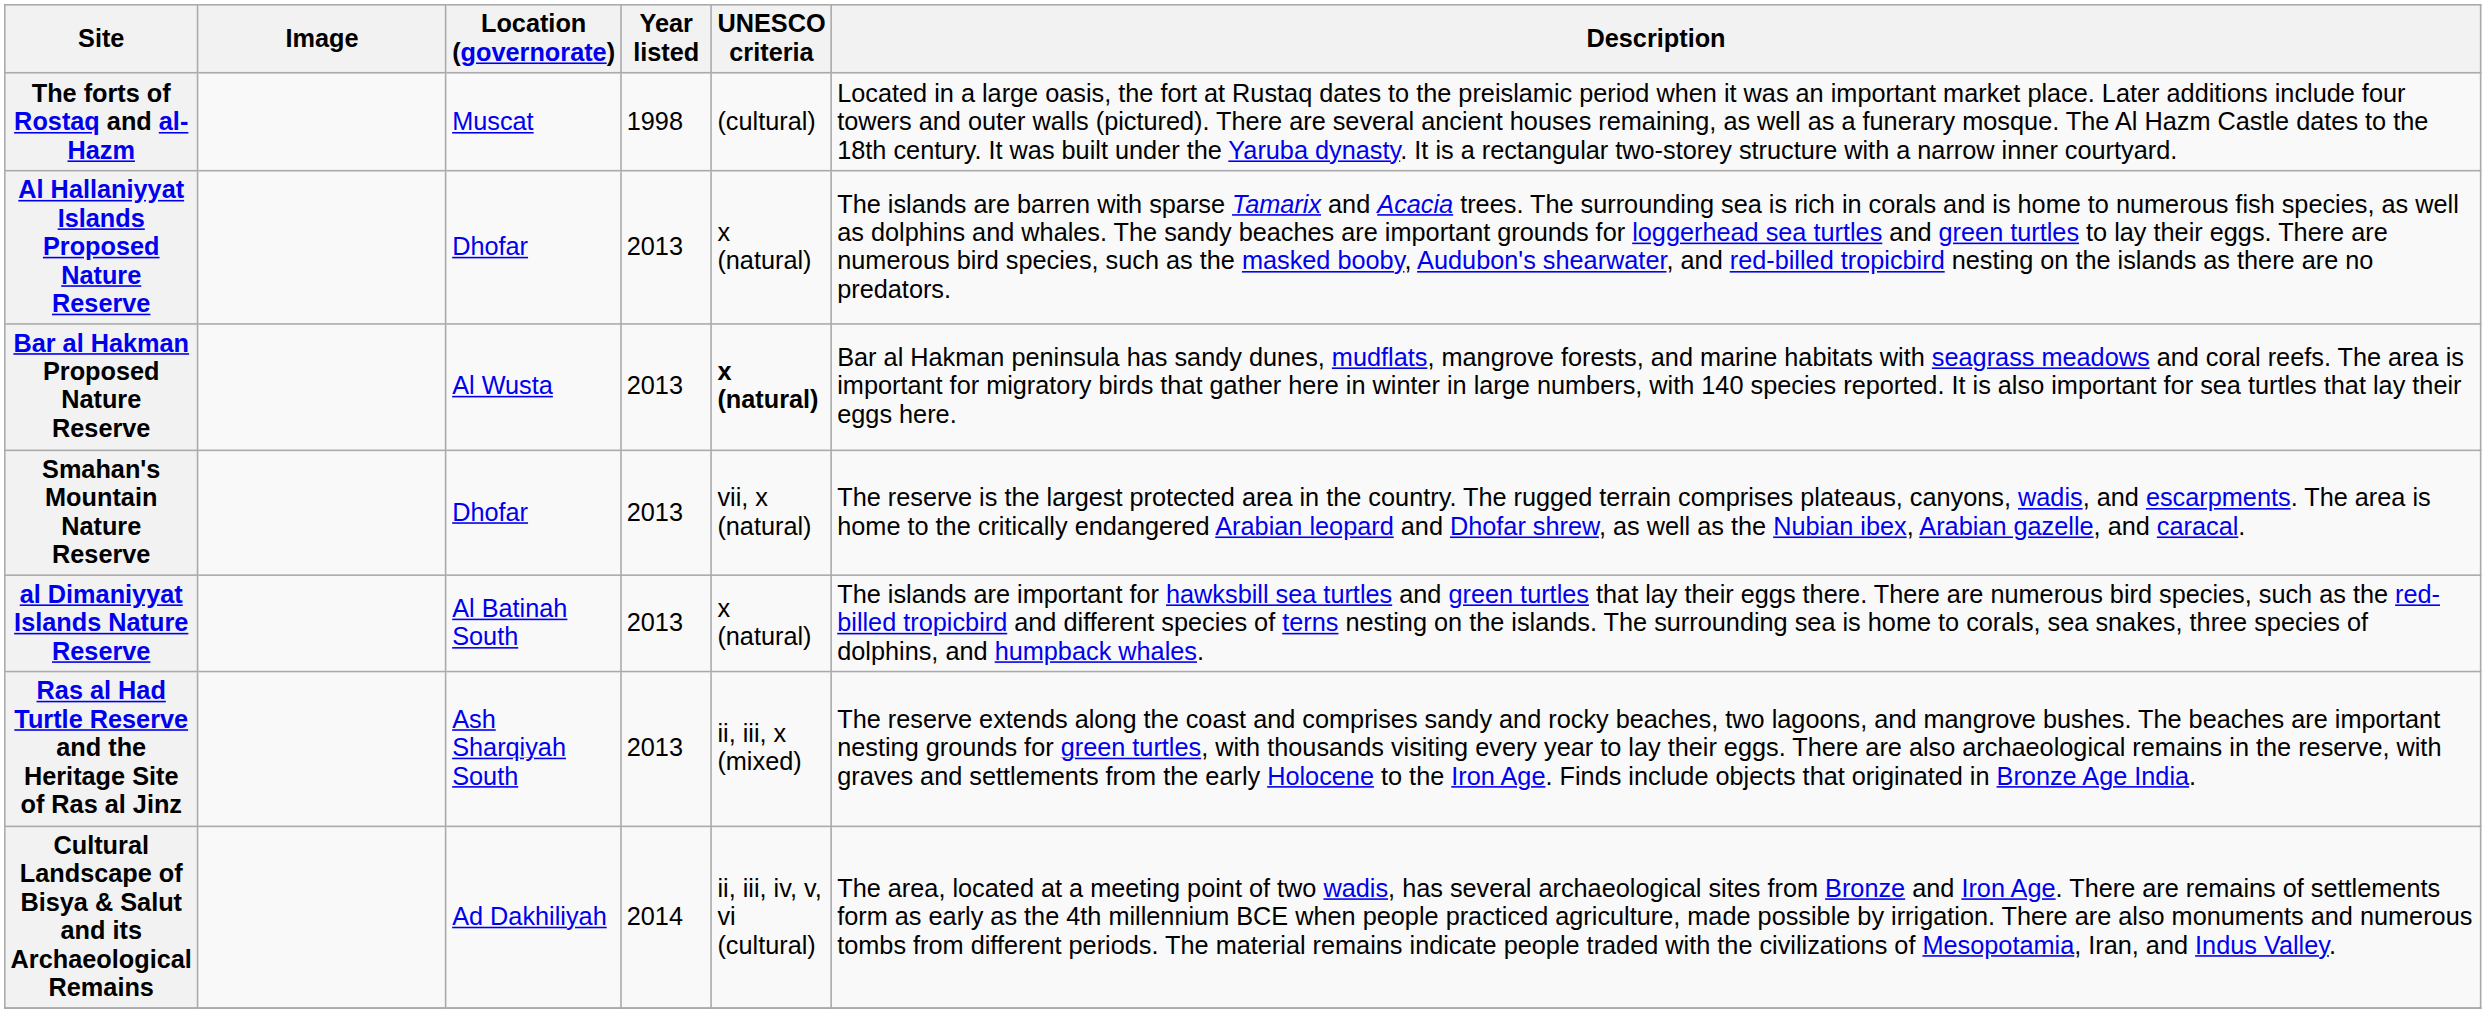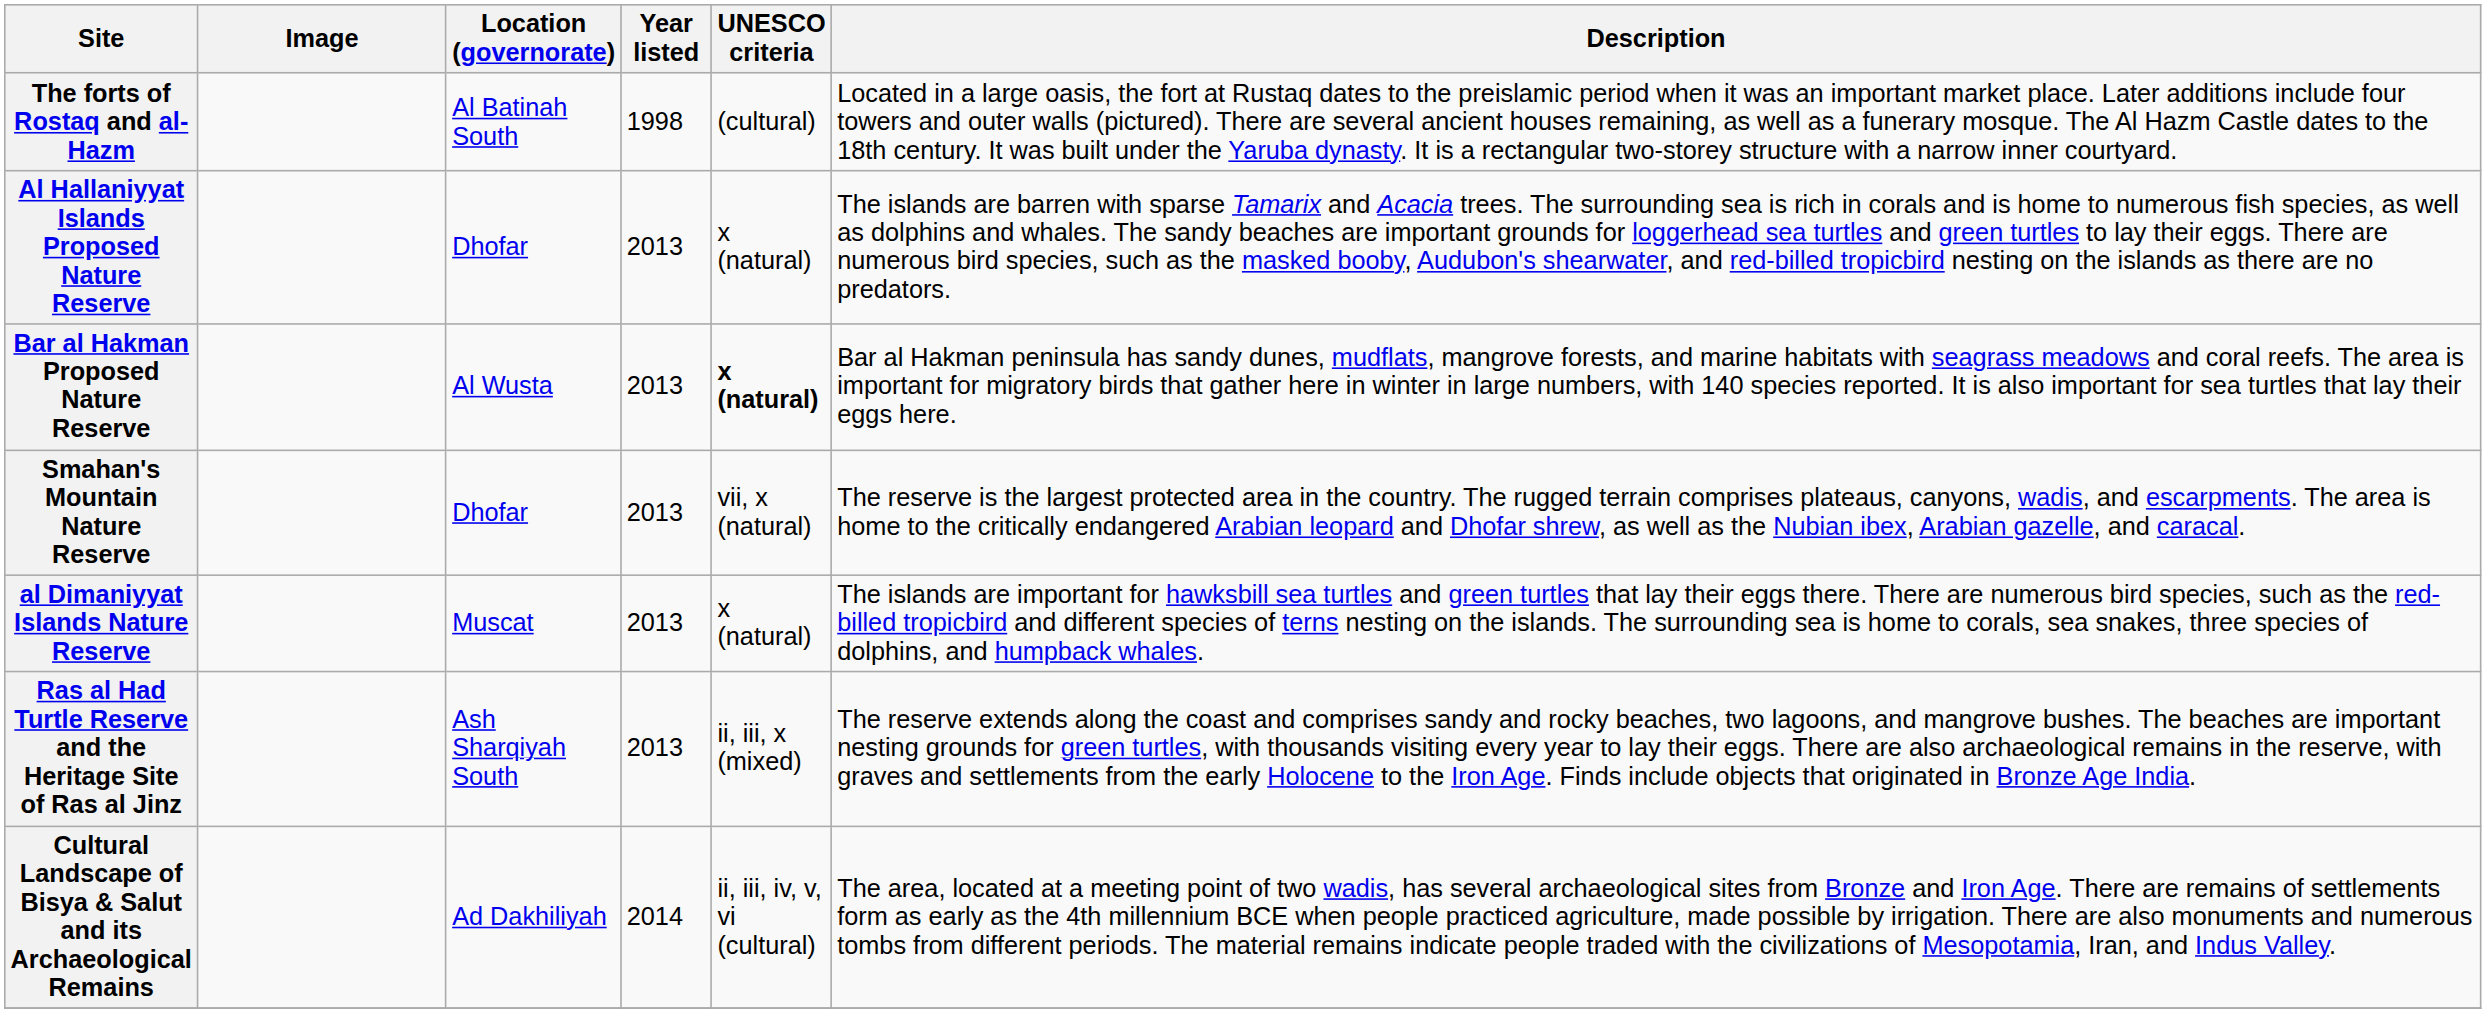 <table class="wikitable sortable plainrowheaders">
 <tr>
 <th style="width:100px;" scope="col">Site</th>
 <th class="unsortable" style="width:150px;" scope="col">Image</th>
 <th style="width:80px;" scope="col">Location (<a href='#'>governorate</a>)</th>
 <th style="width:50px;" scope="col">Year listed</th>
 <th style="width:60px;" scope="col">UNESCO criteria</th>
 <th scope="col" class="unsortable">Description</th>
 </tr>
 <tr>
 <th scope="row">The forts of <a href='#'>Rostaq</a> and <a href='#'>al-Hazm</a></th>
 <td></td>
-<td><a href='#'>Muscat</a></td>
+<td><a href='#'>Al Batinah South</a></td>
 <td>1998</td>
 <td>(cultural)</td>
 <td>Located in a large oasis, the fort at Rustaq dates to the preislamic period when it was an important market place. Later additions include four towers and outer walls (pictured). There are several ancient houses remaining, as well as a funerary mosque. The Al Hazm Castle dates to the 18th century. It was built under the <a href='#'>Yaruba dynasty</a>. It is a rectangular two-storey structure with a narrow inner courtyard.</td>
 </tr>
 <tr>
 <th scope="row"><a href='#'>Al Hallaniyyat Islands Proposed Nature Reserve</a></th>
 <td></td>
 <td><a href='#'>Dhofar</a></td>
 <td>2013</td>
 <td>x (natural)</td>
 <td>The islands are barren with sparse <em><a href='#'>Tamarix</a></em> and <em><a href='#'>Acacia</a></em> trees. The surrounding sea is rich in corals and is home to numerous fish species, as well as dolphins and whales. The sandy beaches are important grounds for <a href='#'>loggerhead sea turtles</a> and <a href='#'>green turtles</a> to lay their eggs. There are numerous bird species, such as the <a href='#'>masked booby</a>, <a href='#'>Audubon's shearwater</a>, and <a href='#'>red-billed tropicbird</a> nesting on the islands as there are no predators.</td>
 </tr>
 <tr>
 <th scope="row"><a href='#'>Bar al Hakman</a> Proposed Nature Reserve</th>
 <td></td>
 <td><a href='#'>Al Wusta</a></td>
 <td>2013</td>
 <td><strong>x (natural)</strong></td>
 <td>Bar al Hakman peninsula has sandy dunes, <a href='#'>mudflats</a>, mangrove forests, and marine habitats with <a href='#'>seagrass meadows</a> and coral reefs. The area is important for migratory birds that gather here in winter in large numbers, with 140 species reported. It is also important for sea turtles that lay their eggs here.</td>
 </tr>
 <tr>
 <th scope="row">Smahan's Mountain Nature Reserve</th>
 <td></td>
 <td><a href='#'>Dhofar</a></td>
 <td>2013</td>
 <td>vii, x (natural)</td>
 <td>The reserve is the largest protected area in the country. The rugged terrain comprises plateaus, canyons, <a href='#'>wadis</a>, and <a href='#'>escarpments</a>. The area is home to the critically endangered <a href='#'>Arabian leopard</a> and <a href='#'>Dhofar shrew</a>, as well as the <a href='#'>Nubian ibex</a>, <a href='#'>Arabian gazelle</a>, and <a href='#'>caracal</a>.</td>
 </tr>
 <tr>
 <th scope="row"><a href='#'>al Dimaniyyat Islands Nature Reserve</a></th>
 <td></td>
-<td><a href='#'>Al Batinah South</a></td>
+<td><a href='#'>Muscat</a></td>
 <td>2013</td>
 <td>x (natural)</td>
 <td>The islands are important for <a href='#'>hawksbill sea turtles</a> and <a href='#'>green turtles</a> that lay their eggs there. There are numerous bird species, such as the <a href='#'>red-billed tropicbird</a> and different species of <a href='#'>terns</a> nesting on the islands. The surrounding sea is home to corals, sea snakes, three species of dolphins, and <a href='#'>humpback whales</a>.</td>
 </tr>
 <tr>
 <th scope="row"><a href='#'>Ras al Had Turtle Reserve</a> and the Heritage Site of Ras al Jinz</th>
 <td></td>
 <td><a href='#'>Ash Sharqiyah South</a></td>
 <td>2013</td>
 <td>ii, iii, x (mixed)</td>
 <td>The reserve extends  along the coast and comprises sandy and rocky beaches, two lagoons, and mangrove bushes. The beaches are important nesting grounds for <a href='#'>green turtles</a>, with thousands visiting every year to lay their eggs. There are also archaeological remains in the reserve, with graves and settlements from the early <a href='#'>Holocene</a> to the <a href='#'>Iron Age</a>. Finds include objects that originated in <a href='#'>Bronze Age India</a>.</td>
 </tr>
 <tr>
 <th scope="row">Cultural Landscape of Bisya & Salut and its Archaeological Remains</th>
 <td></td>
 <td><a href='#'>Ad Dakhiliyah</a></td>
 <td>2014</td>
 <td>ii, iii, iv, v, vi (cultural)</td>
 <td>The area, located at a meeting point of two <a href='#'>wadis</a>, has several archaeological sites from <a href='#'>Bronze</a> and <a href='#'>Iron Age</a>. There are remains of settlements form as early as the 4th millennium BCE when people practiced agriculture, made possible by irrigation. There are also monuments and numerous tombs from different periods. The material remains indicate people traded with the civilizations of <a href='#'>Mesopotamia</a>, Iran, and <a href='#'>Indus Valley</a>.</td>
 </tr>
 <tr>
 </tr>
 </table>
